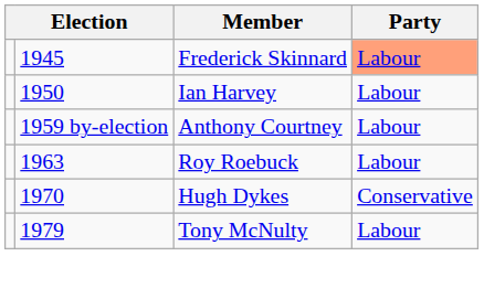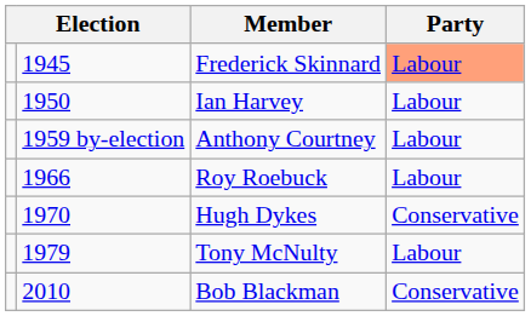 <table class="wikitable">
 <tr>
 <th colspan="2">Election</th>
 <th>Member</th>
 <th>Party</th>
 </tr>
 <tr>
 <td style="color:inherit;background-color: "></td>
 <td><a href='#'>1945</a></td>
 <td><a href='#'>Frederick Skinnard</a></td>
 <td style="background: lightsalmon;"><a href='#'>Labour</a></td>
 </tr>
 <tr>
 <td style="color:inherit;background-color: "></td>
 <td><a href='#'>1950</a></td>
 <td><a href='#'>Ian Harvey</a></td>
 <td><a href='#'>Labour</a></td>
 </tr>
 <tr>
 <td style="color:inherit;background-color: "></td>
 <td><a href='#'>1959 by-election</a></td>
 <td><a href='#'>Anthony Courtney</a></td>
 <td><a href='#'>Labour</a></td>
 </tr>
 <tr>
 <td style="color:inherit;background-color: "></td>
-<td><a href='#'>1963</a></td>
+<td><a href='#'>1966</a></td>
 <td><a href='#'>Roy Roebuck</a></td>
 <td><a href='#'>Labour</a></td>
 </tr>
 <tr>
 <td style="color:inherit;background-color: "></td>
 <td><a href='#'>1970</a></td>
 <td><a href='#'>Hugh Dykes</a></td>
 <td><a href='#'>Conservative</a></td>
 </tr>
 <tr>
 <td style="color:inherit;background-color: "></td>
 <td><a href='#'>1979</a></td>
 <td><a href='#'>Tony McNulty</a></td>
 <td><a href='#'>Labour</a></td>
 </tr>
+<tr>
+<td style="color:inherit;background-color: "></td>
+<td><a href='#'>2010</a></td>
+<td><a href='#'>Bob Blackman</a></td>
+<td><a href='#'>Conservative</a></td>
+</tr>
 </table>
